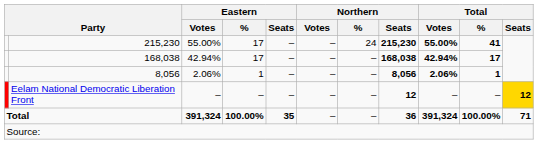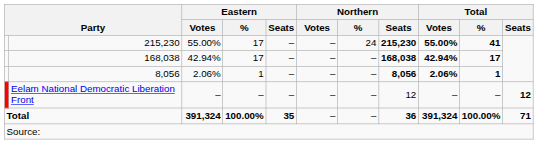 <table class="wikitable" border="1" style="text-align:right;">
 <tr>
 <th align=left valign=bottom rowspan=2 colspan=2 width="270">Party</th>
 <th colspan=3>Eastern</th>
 <th colspan=3>Northern</th>
 <th colspan=3>Total</th>
 </tr>
 <tr>
 <th align=center valign=bottom width="60">Votes</th>
 <th align=center valign=bottom width="60">%</th>
 <th align=center valign=bottom width="40">Seats</th>
 <th align=center valign=bottom width="60">Votes</th>
 <th align=center valign=bottom width="60">%</th>
 <th align=center valign=bottom width="40">Seats</th>
 <th align=center valign=bottom width="60">Votes</th>
 <th align=center valign=bottom width="60">%</th>
 <th align=center valign=bottom width="40">Seats</th>
 </tr>
 <tr>
 <td></td>
 <td>215,230</td>
 <td>55.00%</td>
 <td>17</td>
 <td>–</td>
 <td>–</td>
 <td>24</td>
 <td><strong>215,230</strong></td>
 <td><strong>55.00%</strong></td>
 <td><strong>41</strong></td>
 </tr>
 <tr>
 <td></td>
 <td>168,038</td>
 <td>42.94%</td>
 <td>17</td>
 <td>–</td>
 <td>–</td>
 <td>–</td>
 <td><strong>168,038</strong></td>
 <td><strong>42.94%</strong></td>
 <td><strong>17</strong></td>
 </tr>
 <tr>
 <td></td>
 <td>8,056</td>
 <td>2.06%</td>
 <td>1</td>
 <td>–</td>
 <td>–</td>
 <td>–</td>
 <td><strong>8,056</strong></td>
 <td><strong>2.06%</strong></td>
 <td><strong>1</strong></td>
 </tr>
 <tr>
 <td style="background:red"></td>
 <td align=left><a href='#'>Eelam National Democratic Liberation Front</a></td>
 <td>–</td>
 <td>–</td>
 <td>–</td>
 <td>–</td>
 <td>–</td>
-<td><strong>12</strong></td>
+<td>12</td>
 <td>–</td>
 <td>–</td>
-<td style="background: gold;"><strong>12</strong></td>
+<td><strong>12</strong></td>
 </tr>
 <tr>
 <td align=left colspan=2><strong>Total</strong></td>
 <td><strong>391,324</strong></td>
 <td><strong>100.00%</strong></td>
 <td><strong>35</strong></td>
 <td>–</td>
 <td>–</td>
 <td><strong>36</strong></td>
 <td><strong>391,324</strong></td>
 <td><strong>100.00%</strong></td>
 <td><strong>71</strong></td>
 </tr>
 <tr>
 <td align=left colspan=11>Source:</td>
 </tr>
 </table>
